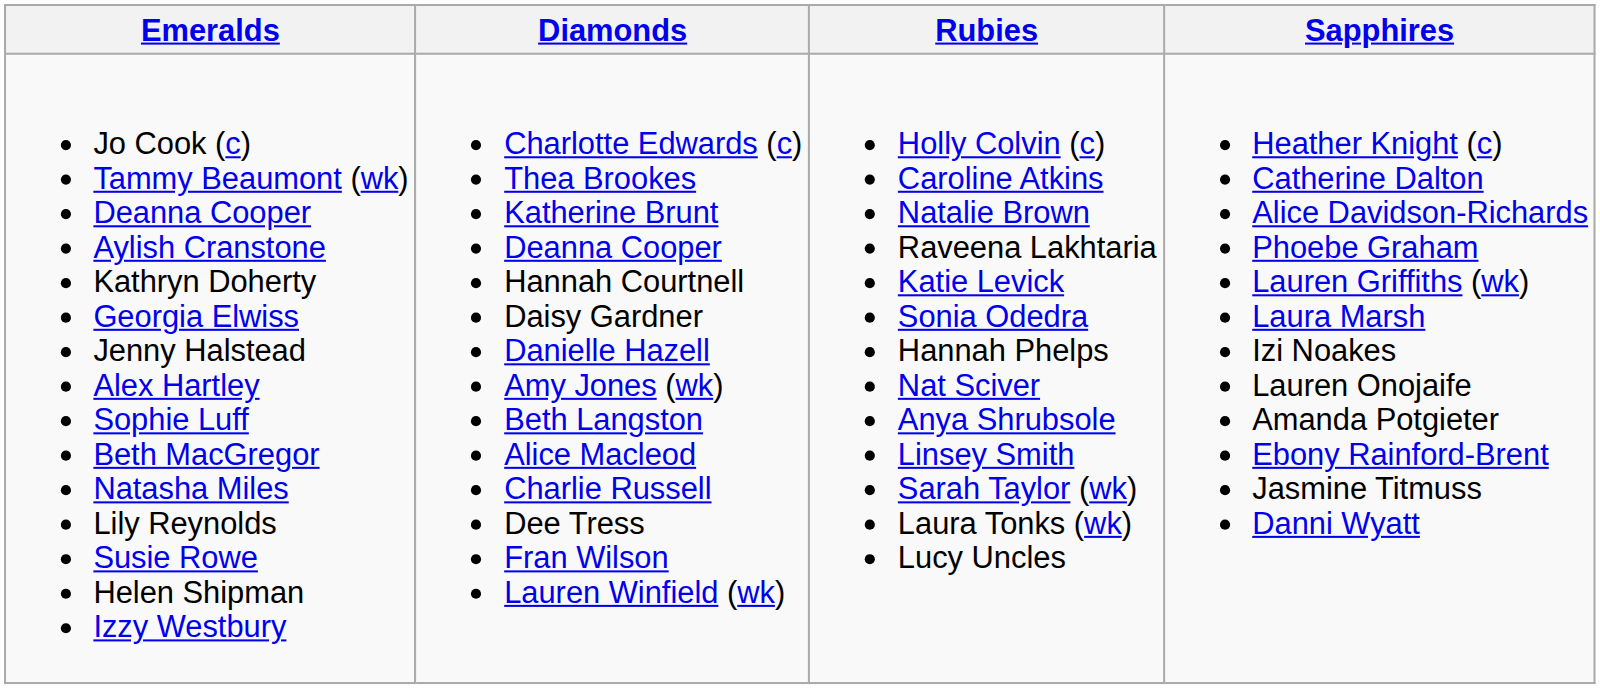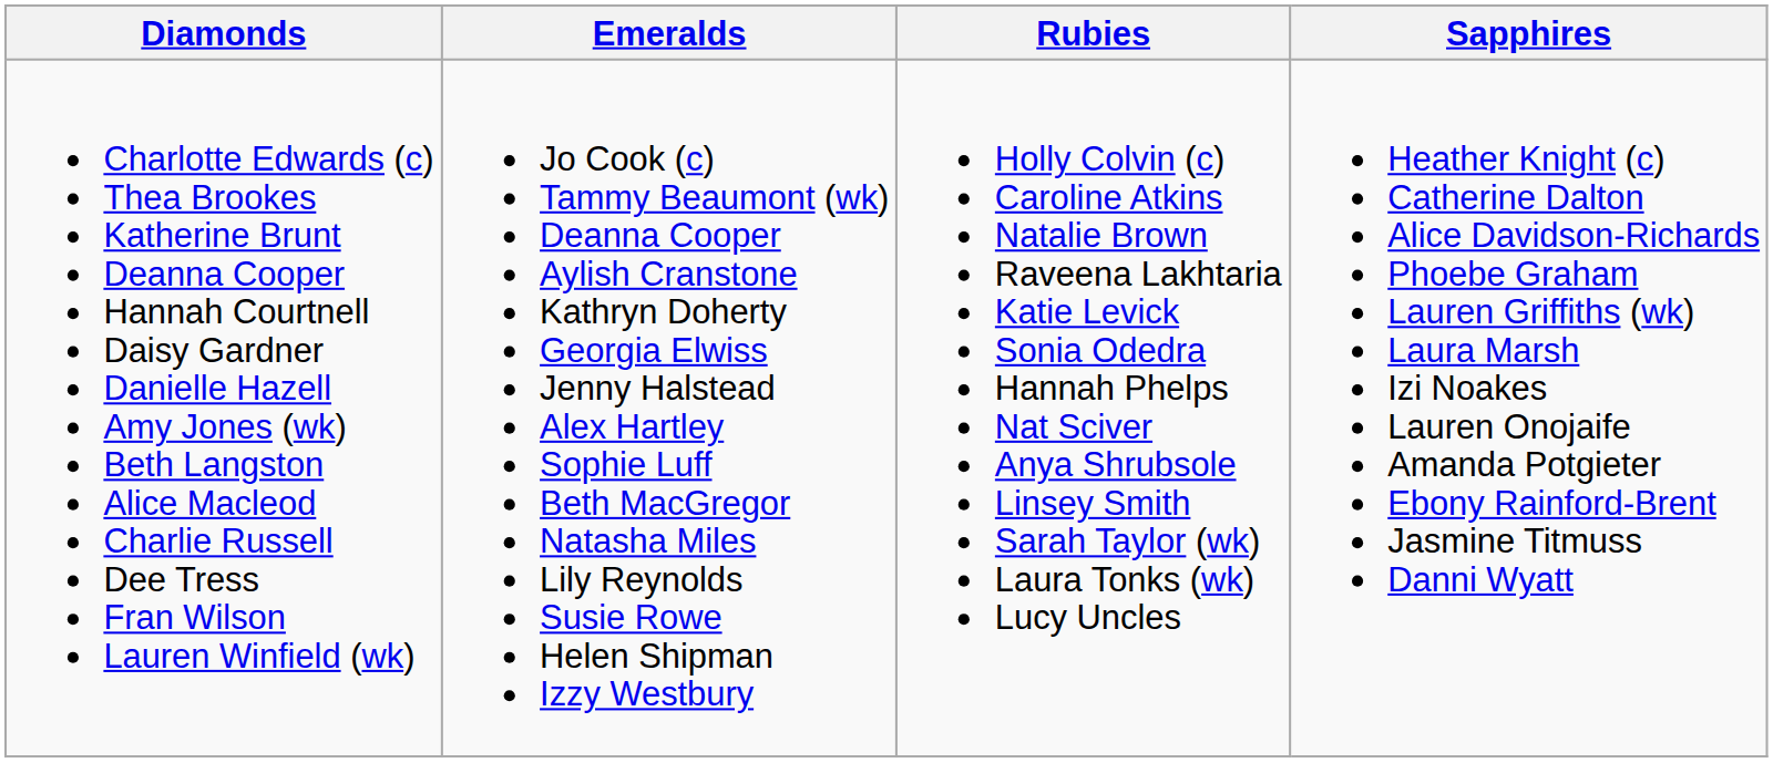 <table class="wikitable" Style="font-size:95%;">
 <tr>
+<th><a href='#'>Diamonds</a></th>
 <th><a href='#'>Emeralds</a></th>
-<th><a href='#'>Diamonds</a></th>
 <th><a href='#'>Rubies</a></th>
 <th><a href='#'>Sapphires</a></th>
 </tr>
 <tr>
+<td valign=top><br><ul><li> <a href='#'>Charlotte Edwards</a> (<a href='#'>c</a>)</li><li> <a href='#'>Thea Brookes</a></li><li> <a href='#'>Katherine Brunt</a></li><li> <a href='#'>Deanna Cooper</a></li><li> Hannah Courtnell</li><li> Daisy Gardner</li><li> <a href='#'>Danielle Hazell</a></li><li> <a href='#'>Amy Jones</a> (<a href='#'>wk</a>)</li><li> <a href='#'>Beth Langston</a></li><li> <a href='#'>Alice Macleod</a></li><li> <a href='#'>Charlie Russell</a></li><li> Dee Tress</li><li> <a href='#'>Fran Wilson</a></li><li> <a href='#'>Lauren Winfield</a> (<a href='#'>wk</a>)</li></ul></td>
 <td valign=top><br><ul><li> Jo Cook (<a href='#'>c</a>)</li><li> <a href='#'>Tammy Beaumont</a> (<a href='#'>wk</a>)</li><li> <a href='#'>Deanna Cooper</a></li><li> <a href='#'>Aylish Cranstone</a></li><li> Kathryn Doherty</li><li> <a href='#'>Georgia Elwiss</a></li><li> Jenny Halstead</li><li> <a href='#'>Alex Hartley</a></li><li> <a href='#'>Sophie Luff</a></li><li> <a href='#'>Beth MacGregor</a></li><li> <a href='#'>Natasha Miles</a></li><li> Lily Reynolds</li><li> <a href='#'>Susie Rowe</a></li><li> Helen Shipman</li><li> <a href='#'>Izzy Westbury</a></li></ul></td>
-<td valign=top><br><ul><li> <a href='#'>Charlotte Edwards</a> (<a href='#'>c</a>)</li><li> <a href='#'>Thea Brookes</a></li><li> <a href='#'>Katherine Brunt</a></li><li> <a href='#'>Deanna Cooper</a></li><li> Hannah Courtnell</li><li> Daisy Gardner</li><li> <a href='#'>Danielle Hazell</a></li><li> <a href='#'>Amy Jones</a> (<a href='#'>wk</a>)</li><li> <a href='#'>Beth Langston</a></li><li> <a href='#'>Alice Macleod</a></li><li> <a href='#'>Charlie Russell</a></li><li> Dee Tress</li><li> <a href='#'>Fran Wilson</a></li><li> <a href='#'>Lauren Winfield</a> (<a href='#'>wk</a>)</li></ul></td>
 <td valign=top><br><ul><li> <a href='#'>Holly Colvin</a> (<a href='#'>c</a>)</li><li> <a href='#'>Caroline Atkins</a></li><li> <a href='#'>Natalie Brown</a></li><li> Raveena Lakhtaria</li><li> <a href='#'>Katie Levick</a></li><li> <a href='#'>Sonia Odedra</a></li><li> Hannah Phelps</li><li> <a href='#'>Nat Sciver</a></li><li> <a href='#'>Anya Shrubsole</a></li><li> <a href='#'>Linsey Smith</a></li><li> <a href='#'>Sarah Taylor</a> (<a href='#'>wk</a>)</li><li> Laura Tonks (<a href='#'>wk</a>)</li><li> Lucy Uncles</li></ul></td>
 <td valign=top><br><ul><li> <a href='#'>Heather Knight</a> (<a href='#'>c</a>)</li><li> <a href='#'>Catherine Dalton</a></li><li> <a href='#'>Alice Davidson-Richards</a></li><li> <a href='#'>Phoebe Graham</a></li><li> <a href='#'>Lauren Griffiths</a> (<a href='#'>wk</a>)</li><li> <a href='#'>Laura Marsh</a></li><li> Izi Noakes</li><li> Lauren Onojaife</li><li> Amanda Potgieter</li><li> <a href='#'>Ebony Rainford-Brent</a></li><li> Jasmine Titmuss</li><li> <a href='#'>Danni Wyatt</a></li></ul></td>
 </tr>
 </table>
